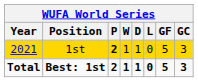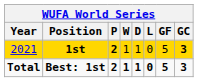 <table class="wikitable" style="text-align: center;">
 <tr>
 <th colspan=9><a href='#'>WUFA World Series</a></th>
 </tr>
 <tr>
 <th>Year</th>
 <th>Position</th>
 <th>P</th>
 <th>W</th>
 <th>D</th>
 <th>L</th>
 <th>GF</th>
 <th>GC</th>
 </tr>
 <tr style="background:gold;">
 <td> <a href='#'>2021</a></td>
-<td>1st</td>
+<td><strong>1st</strong></td>
 <td><strong>2</strong></td>
 <td>1</td>
 <td>1</td>
 <td>0</td>
 <td>5</td>
-<td>3</td>
+<td><strong>3</strong></td>
 </tr>
 <tr>
 <td><strong>Total</strong></td>
 <td><strong>Best: 1st</strong></td>
 <td><strong>2</strong></td>
 <td><strong>1</strong></td>
 <td><strong>1</strong></td>
 <td><strong>0</strong></td>
 <td><strong>5</strong></td>
 <td><strong>3</strong></td>
 </tr>
 </table>
